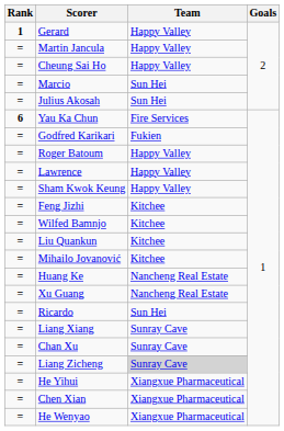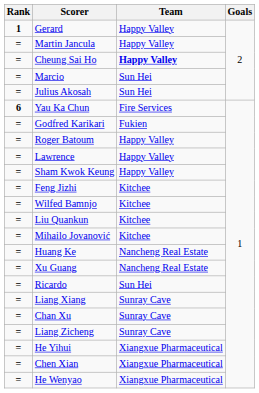 <table class="wikitable">
 <tr>
 <th>Rank</th>
 <th>Scorer</th>
 <th>Team</th>
 <th>Goals</th>
 </tr>
 <tr>
 <td align=center><strong>1</strong></td>
 <td> <a href='#'>Gerard</a></td>
 <td><a href='#'>Happy Valley</a></td>
 <td rowspan="5" align=center>2</td>
 </tr>
 <tr>
 <td align=center><strong>=</strong></td>
 <td> <a href='#'>Martin Jancula</a></td>
 <td><a href='#'>Happy Valley</a></td>
 </tr>
 <tr>
 <td align=center><strong>=</strong></td>
 <td> <a href='#'>Cheung Sai Ho</a></td>
-<td><a href='#'>Happy Valley</a></td>
+<td><strong><a href='#'>Happy Valley</a></strong></td>
 </tr>
 <tr>
 <td align=center><strong>=</strong></td>
 <td> <a href='#'>Marcio</a></td>
 <td><a href='#'>Sun Hei</a></td>
 </tr>
 <tr>
 <td align=center><strong>=</strong></td>
 <td> <a href='#'>Julius Akosah</a></td>
 <td><a href='#'>Sun Hei</a></td>
 </tr>
 <tr>
 <td align=center><strong>6</strong></td>
 <td> <a href='#'>Yau Ka Chun</a></td>
 <td><a href='#'>Fire Services</a></td>
 <td rowspan="19" align=center>1</td>
 </tr>
 <tr>
 <td align=center><strong>=</strong></td>
 <td> <a href='#'>Godfred Karikari</a></td>
 <td><a href='#'>Fukien</a></td>
 </tr>
 <tr>
 <td align=center><strong>=</strong></td>
 <td> <a href='#'>Roger Batoum</a></td>
 <td><a href='#'>Happy Valley</a></td>
 </tr>
 <tr>
 <td align=center><strong>=</strong></td>
 <td> <a href='#'>Lawrence</a></td>
 <td><a href='#'>Happy Valley</a></td>
 </tr>
 <tr>
 <td align=center><strong>=</strong></td>
 <td> <a href='#'>Sham Kwok Keung</a></td>
 <td><a href='#'>Happy Valley</a></td>
 </tr>
 <tr>
 <td align=center><strong>=</strong></td>
 <td> <a href='#'>Feng Jizhi</a></td>
 <td><a href='#'>Kitchee</a></td>
 </tr>
 <tr>
 <td align=center><strong>=</strong></td>
 <td> <a href='#'>Wilfed Bamnjo</a></td>
 <td><a href='#'>Kitchee</a></td>
 </tr>
 <tr>
 <td align=center><strong>=</strong></td>
 <td> <a href='#'>Liu Quankun</a></td>
 <td><a href='#'>Kitchee</a></td>
 </tr>
 <tr>
 <td align=center><strong>=</strong></td>
 <td> <a href='#'>Mihailo Jovanović</a></td>
 <td><a href='#'>Kitchee</a></td>
 </tr>
 <tr>
 <td align=center><strong>=</strong></td>
 <td> <a href='#'>Huang Ke</a></td>
 <td><a href='#'>Nancheng Real Estate</a></td>
 </tr>
 <tr>
 <td align=center><strong>=</strong></td>
 <td> <a href='#'>Xu Guang</a></td>
 <td><a href='#'>Nancheng Real Estate</a></td>
 </tr>
 <tr>
 <td align=center><strong>=</strong></td>
 <td> <a href='#'>Ricardo</a></td>
 <td><a href='#'>Sun Hei</a></td>
 </tr>
 <tr>
 <td align=center><strong>=</strong></td>
 <td> <a href='#'>Liang Xiang</a></td>
 <td><a href='#'>Sunray Cave</a></td>
 </tr>
 <tr>
 <td align=center><strong>=</strong></td>
 <td> <a href='#'>Chan Xu</a></td>
 <td><a href='#'>Sunray Cave</a></td>
 </tr>
 <tr>
 <td align=center><strong>=</strong></td>
 <td> <a href='#'>Liang Zicheng</a></td>
-<td style="background: lightgrey;"><a href='#'>Sunray Cave</a></td>
+<td><a href='#'>Sunray Cave</a></td>
 </tr>
 <tr>
 <td align=center><strong>=</strong></td>
 <td> <a href='#'>He Yihui</a></td>
 <td><a href='#'>Xiangxue Pharmaceutical</a></td>
 </tr>
 <tr>
 <td align=center><strong>=</strong></td>
 <td> <a href='#'>Chen Xian</a></td>
 <td><a href='#'>Xiangxue Pharmaceutical</a></td>
 </tr>
 <tr>
 <td align=center><strong>=</strong></td>
 <td> <a href='#'>He Wenyao</a></td>
 <td><a href='#'>Xiangxue Pharmaceutical</a></td>
 </tr>
 </table>
